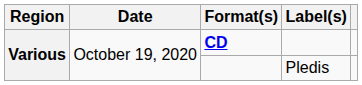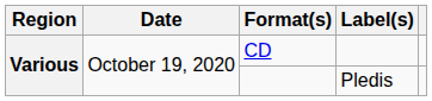 <table class="wikitable plainrowheaders">
 <tr>
 <th scope="col">Region</th>
 <th scope="col">Date</th>
 <th scope="col">Format(s)</th>
 <th scope="col">Label(s)</th>
 <th scope="col"></th>
 </tr>
 <tr>
 <th rowspan="2" scope="row">Various</th>
 <td rowspan="2">October 19, 2020</td>
-<td><strong><a href='#'>CD</a></strong></td>
+<td><a href='#'>CD</a></td>
 <td></td>
 <td style="text-align:center;"></td>
 </tr>
 <tr>
 <td></td>
 <td>Pledis</td>
 <td style="text-align:center;"></td>
 </tr>
 </table>
